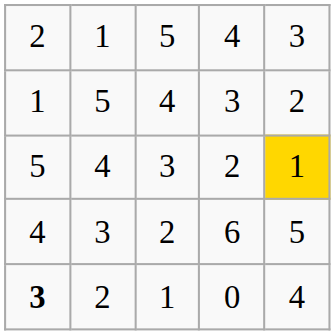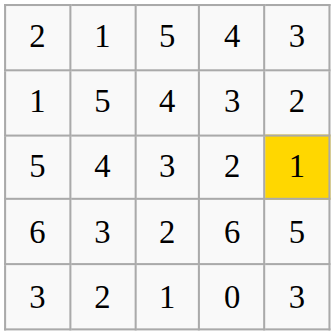 <table class="wikitable" style="margin-left:auto;margin-right:auto;text-align:center;width:10em;height:10em;table-layout:fixed;">
 <tr>
 <td>2</td>
 <td>1</td>
 <td>5</td>
 <td>4</td>
 <td>3</td>
 </tr>
 <tr>
 <td>1</td>
 <td>5</td>
 <td>4</td>
 <td>3</td>
 <td>2</td>
 </tr>
 <tr>
 <td>5</td>
 <td>4</td>
 <td>3</td>
 <td>2</td>
 <td style="background: gold;">1</td>
 </tr>
 <tr>
-<td>4</td>
+<td>6</td>
 <td>3</td>
 <td>2</td>
 <td>6</td>
 <td>5</td>
 </tr>
 <tr>
-<td><strong>3</strong></td>
+<td>3</td>
 <td>2</td>
 <td>1</td>
 <td>0</td>
-<td>4</td>
+<td>3</td>
 </tr>
 </table>
